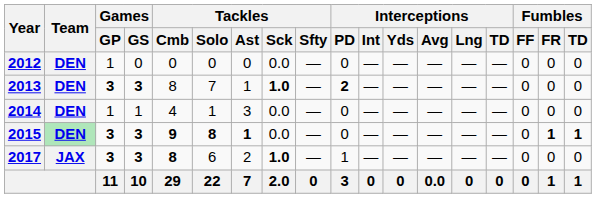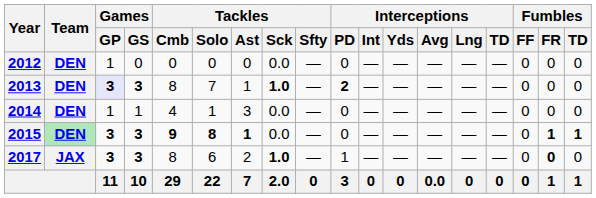 <table class=wikitable style="text-align:center;">
 <tr>
 <th rowspan="2">Year</th>
 <th rowspan="2">Team</th>
 <th colspan="2">Games</th>
 <th colspan="5">Tackles</th>
 <th colspan="6">Interceptions</th>
 <th colspan="3">Fumbles</th>
 </tr>
 <tr>
 <th>GP</th>
 <th>GS</th>
 <th>Cmb</th>
 <th>Solo</th>
 <th>Ast</th>
 <th>Sck</th>
 <th>Sfty</th>
 <th>PD</th>
 <th>Int</th>
 <th>Yds</th>
 <th>Avg</th>
 <th>Lng</th>
 <th>TD</th>
 <th>FF</th>
 <th>FR</th>
 <th>TD</th>
 </tr>
 <tr>
 <th><a href='#'>2012</a></th>
 <th><a href='#'>DEN</a></th>
 <td>1</td>
 <td>0</td>
 <td>0</td>
 <td>0</td>
 <td>0</td>
 <td>0.0</td>
 <td>—</td>
 <td>0</td>
 <td>—</td>
 <td>—</td>
 <td>—</td>
 <td>—</td>
 <td>—</td>
 <td>0</td>
 <td>0</td>
 <td>0</td>
 </tr>
 <tr>
 <th><a href='#'>2013</a></th>
 <th><a href='#'>DEN</a></th>
-<td><strong>3</strong></td>
+<td style="background: lavender;"><strong>3</strong></td>
 <td><strong>3</strong></td>
 <td>8</td>
 <td>7</td>
 <td>1</td>
 <td><strong>1.0</strong></td>
 <td>—</td>
 <td><strong>2</strong></td>
 <td>—</td>
 <td>—</td>
 <td>—</td>
 <td>—</td>
 <td>—</td>
 <td>0</td>
 <td>0</td>
 <td>0</td>
 </tr>
 <tr>
 <th><a href='#'>2014</a></th>
 <th><a href='#'>DEN</a></th>
 <td>1</td>
 <td>1</td>
 <td>4</td>
 <td>1</td>
 <td>3</td>
 <td>0.0</td>
 <td>—</td>
 <td>0</td>
 <td>—</td>
 <td>—</td>
 <td>—</td>
 <td>—</td>
 <td>—</td>
 <td>0</td>
 <td>0</td>
 <td>0</td>
 </tr>
 <tr>
 <th><a href='#'>2015</a></th>
 <th style="background:#afe6ba; width:3em;"><a href='#'>DEN</a></th>
 <td><strong>3</strong></td>
 <td><strong>3</strong></td>
 <td><strong>9</strong></td>
 <td><strong>8</strong></td>
 <td><strong>1</strong></td>
 <td>0.0</td>
 <td>—</td>
 <td>0</td>
 <td>—</td>
 <td>—</td>
 <td>—</td>
 <td>—</td>
 <td>—</td>
 <td>0</td>
 <td><strong>1</strong></td>
 <td><strong>1</strong></td>
 </tr>
 <tr>
 <th><a href='#'>2017</a></th>
 <th><a href='#'>JAX</a></th>
 <td><strong>3</strong></td>
 <td><strong>3</strong></td>
-<td><strong>8</strong></td>
+<td>8</td>
 <td>6</td>
 <td>2</td>
 <td><strong>1.0</strong></td>
 <td>—</td>
 <td>1</td>
 <td>—</td>
 <td>—</td>
 <td>—</td>
 <td>—</td>
 <td>—</td>
 <td>0</td>
-<td>0</td>
+<td><strong>0</strong></td>
 <td>0</td>
 </tr>
 <tr>
 <th colspan="2"></th>
 <th>11</th>
 <th>10</th>
 <th>29</th>
 <th>22</th>
 <th>7</th>
 <th>2.0</th>
 <th>0</th>
 <th>3</th>
 <th>0</th>
 <th>0</th>
 <th>0.0</th>
 <th>0</th>
 <th>0</th>
 <th>0</th>
 <th>1</th>
 <th>1</th>
 </tr>
 </table>
